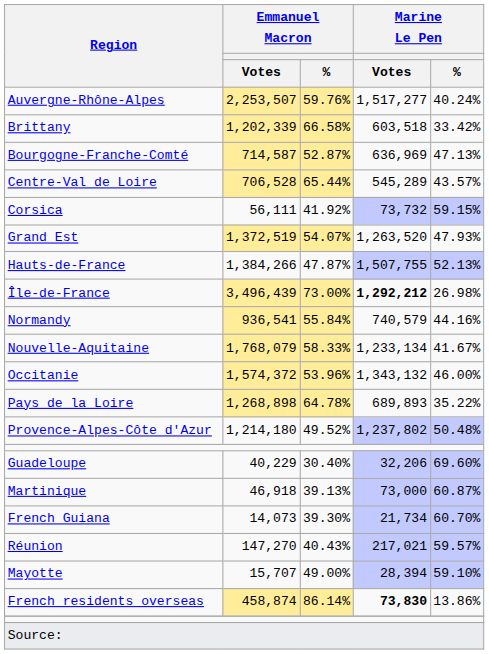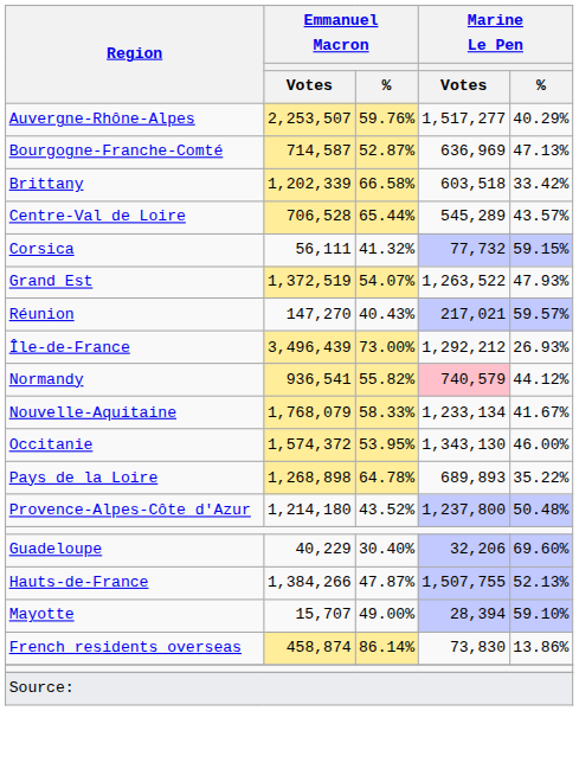 <table class="wikitable sortable collapsible collapsed mw-datatable" style="text-align:right; font-size:95%; line-height:20px">
 <tr>
 <th width="200" rowspan="3"><a href='#'>Region</a></th>
 <th width="110" colspan="2"><a href='#'>Emmanuel<br>Macron</a></th>
 <th width="110" colspan="2"><a href='#'>Marine<br>Le Pen</a></th>
 </tr>
 <tr>
 <th colspan="2" style="background:"></th>
 <th colspan="2" style="background:"></th>
 </tr>
 <tr>
 <th>Votes</th>
 <th>%</th>
 <th>Votes</th>
 <th>%</th>
 </tr>
 <tr>
 <td align="left"><a href='#'>Auvergne-Rhône-Alpes</a></td>
 <td style="background:#FFED99;">2,253,507</td>
 <td style="background:#FFED99;">59.76%</td>
 <td>1,517,277</td>
-<td>40.24%</td>
+<td>40.29%</td>
+</tr>
+<tr>
+<td align="left"><a href='#'>Bourgogne-Franche-Comté</a></td>
+<td style="background:#FFED99;">714,587</td>
+<td style="background:#FFED99;">52.87%</td>
+<td>636,969</td>
+<td>47.13%</td>
 </tr>
 <tr>
 <td align="left"><a href='#'>Brittany</a></td>
 <td style="background:#FFED99;">1,202,339</td>
 <td style="background:#FFED99;">66.58%</td>
 <td>603,518</td>
 <td>33.42%</td>
-</tr>
-<tr>
-<td align="left"><a href='#'>Bourgogne-Franche-Comté</a></td>
-<td style="background:#FFED99;">714,587</td>
-<td style="background:#FFED99;">52.87%</td>
-<td>636,969</td>
-<td>47.13%</td>
 </tr>
 <tr>
 <td align="left"><a href='#'>Centre-Val de Loire</a></td>
 <td style="background:#FFED99;">706,528</td>
 <td style="background:#FFED99;">65.44%</td>
 <td>545,289</td>
 <td>43.57%</td>
 </tr>
 <tr>
 <td align="left"><a href='#'>Corsica</a></td>
 <td>56,111</td>
-<td>41.92%</td>
-<td style="background:#C1C9FF;">73,732</td>
+<td>41.32%</td>
+<td style="background:#C1C9FF;">77,732</td>
 <td style="background:#C1C9FF;">59.15%</td>
 </tr>
 <tr>
 <td align="left"><a href='#'>Grand Est</a></td>
 <td style="background:#FFED99;">1,372,519</td>
 <td style="background:#FFED99;">54.07%</td>
-<td>1,263,520</td>
+<td>1,263,522</td>
 <td>47.93%</td>
 </tr>
 <tr>
-<td align="left"><a href='#'>Hauts-de-France</a></td>
-<td>1,384,266</td>
-<td>47.87%</td>
-<td style="background:#C1C9FF;">1,507,755</td>
-<td style="background:#C1C9FF;">52.13%</td>
+<td align="left"><a href='#'>Réunion</a></td>
+<td>147,270</td>
+<td>40.43%</td>
+<td style="background:#C1C9FF;">217,021</td>
+<td style="background:#C1C9FF;">59.57%</td>
 </tr>
 <tr>
 <td align="left"><a href='#'>Île-de-France</a></td>
 <td style="background:#FFED99;">3,496,439</td>
 <td style="background:#FFED99;">73.00%</td>
-<td><strong>1,292,212</strong></td>
-<td>26.98%</td>
+<td>1,292,212</td>
+<td>26.93%</td>
 </tr>
 <tr>
 <td align="left"><a href='#'>Normandy</a></td>
 <td style="background:#FFED99;">936,541</td>
-<td style="background:#FFED99;">55.84%</td>
-<td>740,579</td>
-<td>44.16%</td>
+<td style="background:#FFED99;">55.82%</td>
+<td style="background: pink;">740,579</td>
+<td>44.12%</td>
 </tr>
 <tr>
 <td align="left"><a href='#'>Nouvelle-Aquitaine</a></td>
 <td style="background:#FFED99;">1,768,079</td>
 <td style="background:#FFED99;">58.33%</td>
 <td>1,233,134</td>
 <td>41.67%</td>
 </tr>
 <tr>
 <td align="left"><a href='#'>Occitanie</a></td>
 <td style="background:#FFED99;">1,574,372</td>
-<td style="background:#FFED99;">53.96%</td>
-<td>1,343,132</td>
+<td style="background:#FFED99;">53.95%</td>
+<td>1,343,130</td>
 <td>46.00%</td>
 </tr>
 <tr>
 <td align="left"><a href='#'>Pays de la Loire</a></td>
 <td style="background:#FFED99;">1,268,898</td>
 <td style="background:#FFED99;">64.78%</td>
 <td>689,893</td>
 <td>35.22%</td>
 </tr>
 <tr>
 <td align="left"><a href='#'>Provence-Alpes-Côte d'Azur</a></td>
 <td>1,214,180</td>
-<td>49.52%</td>
-<td style="background:#C1C9FF;">1,237,802</td>
+<td>43.52%</td>
+<td style="background:#C1C9FF;">1,237,800</td>
 <td style="background:#C1C9FF;">50.48%</td>
 </tr>
 <tr class="sortbottom">
 <td colspan="5"></td>
 </tr>
 <tr>
 <td align="left"><a href='#'>Guadeloupe</a></td>
 <td>40,229</td>
 <td>30.40%</td>
 <td style="background:#C1C9FF;">32,206</td>
 <td style="background:#C1C9FF;">69.60%</td>
 </tr>
 <tr>
-<td align="left"><a href='#'>Martinique</a></td>
-<td>46,918</td>
-<td>39.13%</td>
-<td style="background:#C1C9FF;">73,000</td>
-<td style="background:#C1C9FF;">60.87%</td>
-</tr>
-<tr>
-<td align="left"><a href='#'>French Guiana</a></td>
-<td>14,073</td>
-<td>39.30%</td>
-<td style="background:#C1C9FF;">21,734</td>
-<td style="background:#C1C9FF;">60.70%</td>
-</tr>
-<tr>
-<td align="left"><a href='#'>Réunion</a></td>
-<td>147,270</td>
-<td>40.43%</td>
-<td style="background:#C1C9FF;">217,021</td>
-<td style="background:#C1C9FF;">59.57%</td>
+<td align="left"><a href='#'>Hauts-de-France</a></td>
+<td>1,384,266</td>
+<td>47.87%</td>
+<td style="background:#C1C9FF;">1,507,755</td>
+<td style="background:#C1C9FF;">52.13%</td>
 </tr>
 <tr>
 <td align="left"><a href='#'>Mayotte</a></td>
 <td>15,707</td>
 <td>49.00%</td>
 <td style="background:#C1C9FF;">28,394</td>
 <td style="background:#C1C9FF;">59.10%</td>
 </tr>
 <tr>
 <td align="left"><a href='#'>French residents overseas</a></td>
 <td style="background:#FFED99;">458,874</td>
 <td style="background:#FFED99;">86.14%</td>
-<td><strong>73,830</strong></td>
+<td>73,830</td>
 <td>13.86%</td>
 </tr>
 <tr>
 </tr>
 <tr class="sortbottom">
 <td colspan="5"></td>
 </tr>
 <tr>
 </tr>
 <tr class="sortbottom">
 <td colspan="5" style="text-align:left; background-color:#eaecf0">Source: </td>
 </tr>
 </table>
